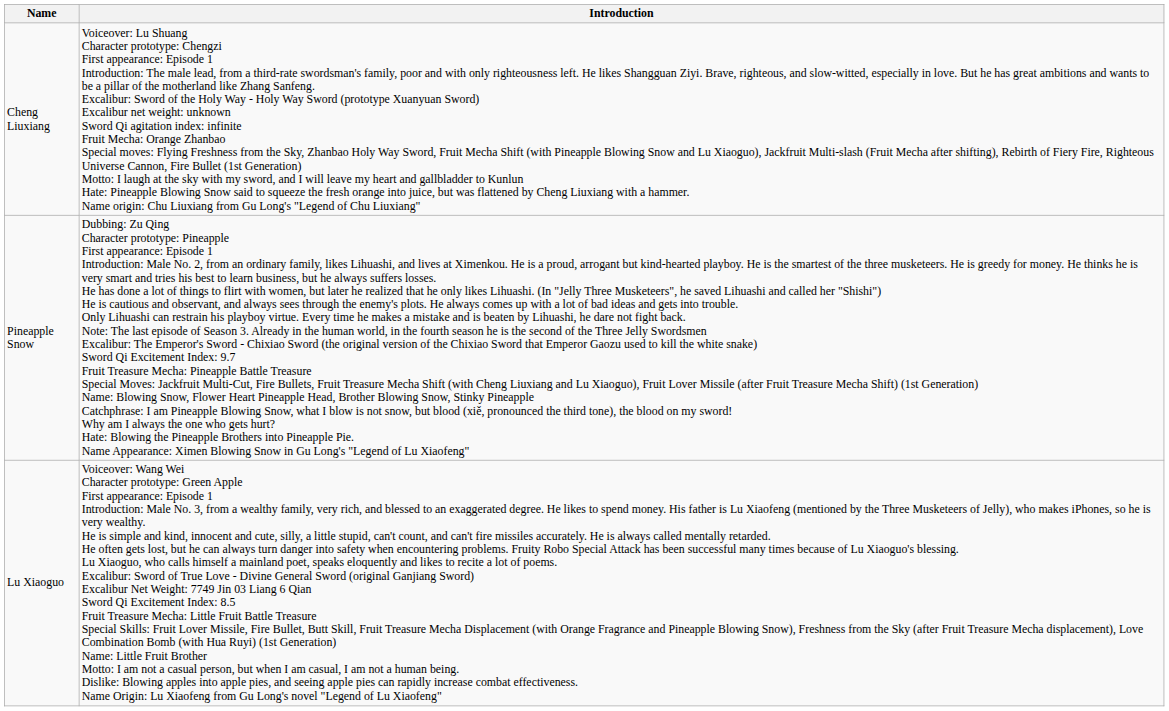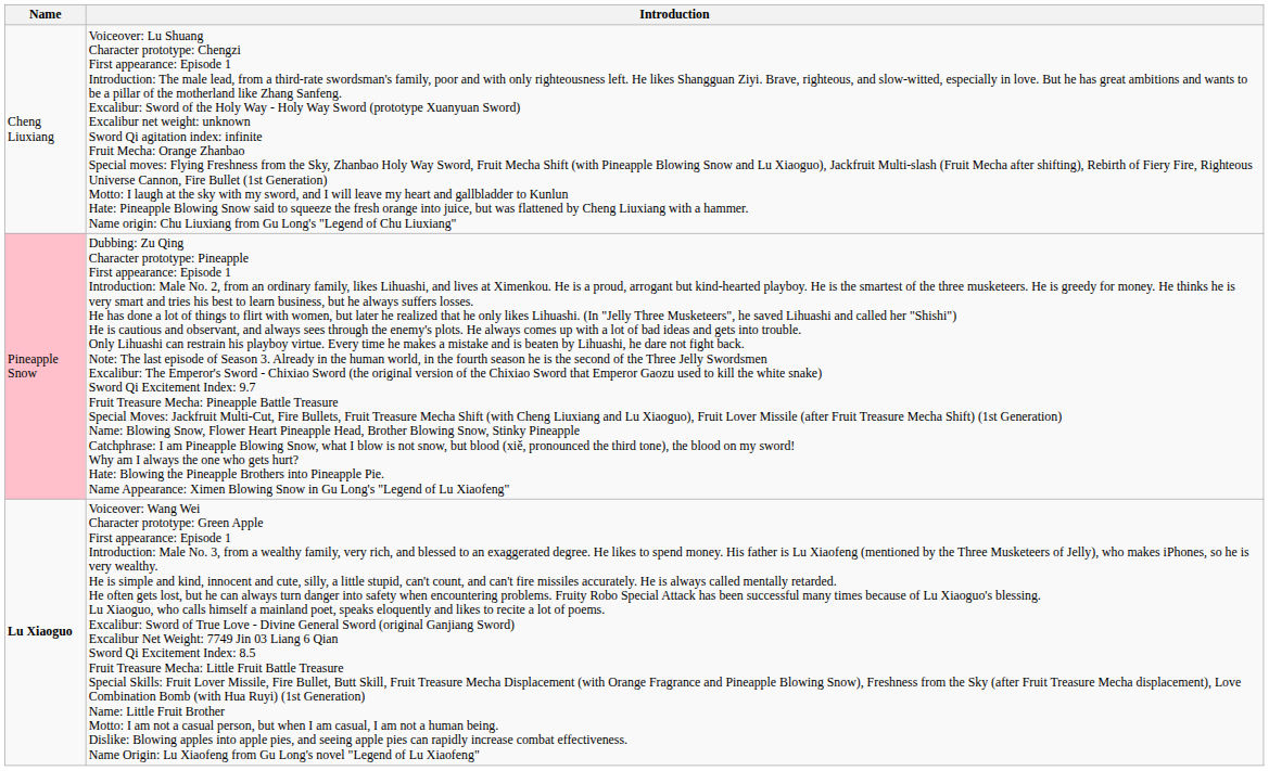 <table class="wikitable">
 <tr>
 <th>Name</th>
 <th>Introduction</th>
 </tr>
 <tr>
 <td>Cheng Liuxiang</td>
 <td>Voiceover: Lu Shuang<br>Character prototype: Chengzi<br>First appearance: Episode 1<br>Introduction: The male lead, from a third-rate swordsman's family, poor and with only righteousness left. He likes Shangguan Ziyi. Brave, righteous, and slow-witted, especially in love. But he has great ambitions and wants to be a pillar of the motherland like Zhang Sanfeng.<br>Excalibur: Sword of the Holy Way - Holy Way Sword (prototype Xuanyuan Sword)<br>Excalibur net weight: unknown<br>Sword Qi agitation index: infinite<br>Fruit Mecha: Orange Zhanbao<br>Special moves: Flying Freshness from the Sky, Zhanbao Holy Way Sword, Fruit Mecha Shift (with Pineapple Blowing Snow and Lu Xiaoguo), Jackfruit Multi-slash (Fruit Mecha after shifting), Rebirth of Fiery Fire, Righteous Universe Cannon, Fire Bullet (1st Generation)<br>Motto: I laugh at the sky with my sword, and I will leave my heart and gallbladder to Kunlun<br>Hate: Pineapple Blowing Snow said to squeeze the fresh orange into juice, but was flattened by Cheng Liuxiang with a hammer.<br>Name origin: Chu Liuxiang from Gu Long's "Legend of Chu Liuxiang"</td>
 </tr>
 <tr>
-<td>Pineapple Snow</td>
+<td style="background: pink;">Pineapple Snow</td>
 <td>Dubbing: Zu Qing<br>Character prototype: Pineapple<br>First appearance: Episode 1<br>Introduction: Male No. 2, from an ordinary family, likes Lihuashi, and lives at Ximenkou. He is a proud, arrogant but kind-hearted playboy. He is the smartest of the three musketeers. He is greedy for money. He thinks he is very smart and tries his best to learn business, but he always suffers losses.<br>He has done a lot of things to flirt with women, but later he realized that he only likes Lihuashi. (In "Jelly Three Musketeers", he saved Lihuashi and called her "Shishi")<br>He is cautious and observant, and always sees through the enemy's plots. He always comes up with a lot of bad ideas and gets into trouble.<br>Only Lihuashi can restrain his playboy virtue. Every time he makes a mistake and is beaten by Lihuashi, he dare not fight back.<br>Note: The last episode of Season 3. Already in the human world, in the fourth season he is the second of the Three Jelly Swordsmen<br>Excalibur: The Emperor's Sword - Chixiao Sword (the original version of the Chixiao Sword that Emperor Gaozu used to kill the white snake)<br>Sword Qi Excitement Index: 9.7<br>Fruit Treasure Mecha: Pineapple Battle Treasure<br>Special Moves: Jackfruit Multi-Cut, Fire Bullets, Fruit Treasure Mecha Shift (with Cheng Liuxiang and Lu Xiaoguo), Fruit Lover Missile (after Fruit Treasure Mecha Shift) (1st Generation)<br>Name: Blowing Snow, Flower Heart Pineapple Head, Brother Blowing Snow, Stinky Pineapple<br>Catchphrase: I am Pineapple Blowing Snow, what I blow is not snow, but blood (xiě, pronounced the third tone), the blood on my sword!<br>Why am I always the one who gets hurt?<br>Hate: Blowing the Pineapple Brothers into Pineapple Pie.<br>Name Appearance: Ximen Blowing Snow in Gu Long's "Legend of Lu Xiaofeng"</td>
 </tr>
 <tr>
-<td>Lu Xiaoguo</td>
+<td><strong>Lu Xiaoguo</strong></td>
 <td>Voiceover: Wang Wei<br>Character prototype: Green Apple<br>First appearance: Episode 1<br>Introduction: Male No. 3, from a wealthy family, very rich, and blessed to an exaggerated degree. He likes to spend money. His father is Lu Xiaofeng (mentioned by the Three Musketeers of Jelly), who makes iPhones, so he is very wealthy.<br>He is simple and kind, innocent and cute, silly, a little stupid, can't count, and can't fire missiles accurately. He is always called mentally retarded.<br>He often gets lost, but he can always turn danger into safety when encountering problems. Fruity Robo Special Attack has been successful many times because of Lu Xiaoguo's blessing.<br>Lu Xiaoguo, who calls himself a mainland poet, speaks eloquently and likes to recite a lot of poems.<br>Excalibur: Sword of True Love - Divine General Sword (original Ganjiang Sword)<br>Excalibur Net Weight: 7749 Jin 03 Liang 6 Qian<br>Sword Qi Excitement Index: 8.5<br>Fruit Treasure Mecha: Little Fruit Battle Treasure<br>Special Skills: Fruit Lover Missile, Fire Bullet, Butt Skill, Fruit Treasure Mecha Displacement (with Orange Fragrance and Pineapple Blowing Snow), Freshness from the Sky (after Fruit Treasure Mecha displacement), Love Combination Bomb (with Hua Ruyi) (1st Generation)<br>Name: Little Fruit Brother<br>Motto: I am not a casual person, but when I am casual, I am not a human being.<br>Dislike: Blowing apples into apple pies, and seeing apple pies can rapidly increase combat effectiveness.<br>Name Origin: Lu Xiaofeng from Gu Long's novel "Legend of Lu Xiaofeng"</td>
 </tr>
 </table>
